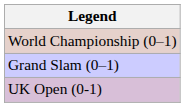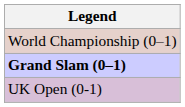 <table class="wikitable">
 <tr>
 <th>Legend</th>
 </tr>
 <tr style="background:#e5d1cb;">
 <td>World Championship (0–1)</td>
 </tr>
 <tr style="background:#CCCCFF;">
-<td>Grand Slam (0–1)</td>
+<td><strong>Grand Slam (0–1)</strong></td>
 </tr>
 <tr style="background:thistle">
 <td>UK Open (0-1)</td>
 </tr>
 </table>
